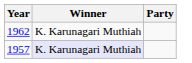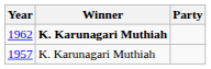 <table class="wikitable sortable">
 <tr>
 <th>Year</th>
 <th>Winner</th>
 <th colspan="2">Party</th>
 </tr>
 <tr>
 <td><a href='#'>1962</a></td>
-<td>K. Karunagari Muthiah</td>
+<td><strong>K. Karunagari Muthiah</strong></td>
 <td></td>
 </tr>
 <tr>
 <td><a href='#'>1957</a></td>
-<td style="background: lavender;">K. Karunagari Muthiah</td>
+<td>K. Karunagari Muthiah</td>
 <td></td>
 </tr>
 </table>
